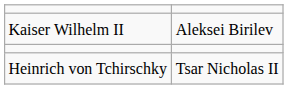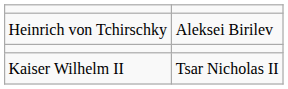 <table class="wikitable" align="right">
 <tr>
 <td></td>
 <td></td>
 </tr>
 <tr>
-<td><small>Kaiser Wilhelm II</small></td>
+<td><small>Heinrich von Tchirschky</small></td>
 <td><small>Aleksei Birilev</small></td>
 </tr>
 <tr>
 <td></td>
 <td></td>
 </tr>
 <tr>
-<td><small>Heinrich von Tchirschky</small></td>
+<td><small>Kaiser Wilhelm II</small></td>
 <td><small>Tsar Nicholas II</small></td>
 </tr>
 </table>
